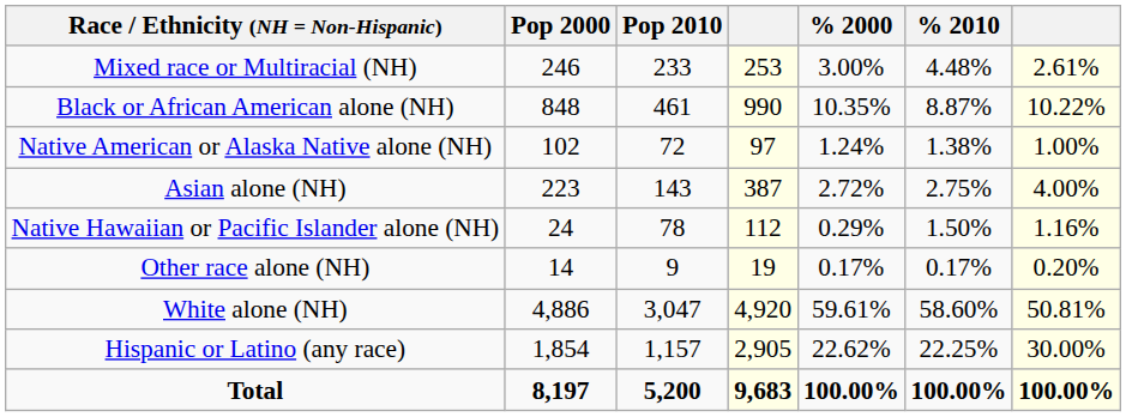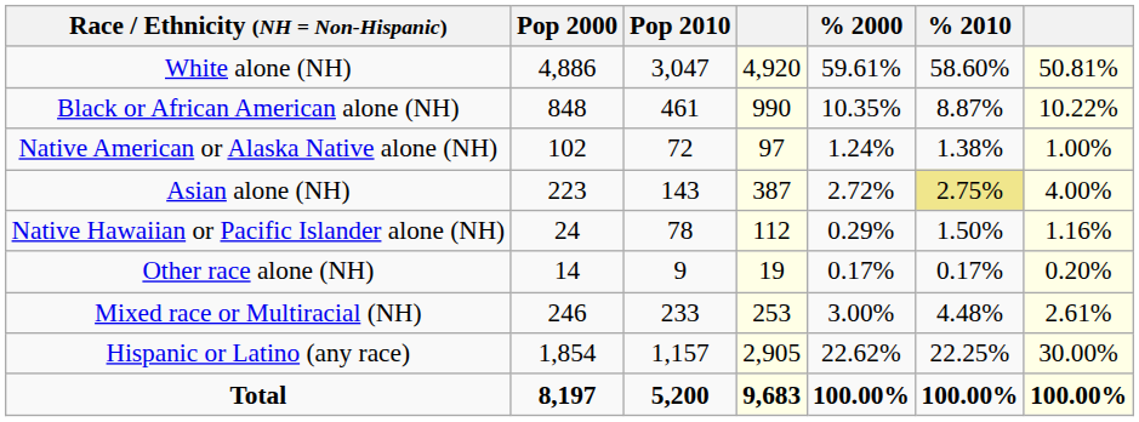 <table class="wikitable" style="text-align:center;">
 <tr>
 <th>Race / Ethnicity <small>(<em>NH = Non-Hispanic</em>)</small></th>
 <th>Pop 2000</th>
 <th>Pop 2010</th>
 <th></th>
 <th>% 2000</th>
 <th>% 2010</th>
 <th></th>
 </tr>
 <tr>
-<td><a href='#'>Mixed race or Multiracial</a> (NH)</td>
-<td>246</td>
-<td>233</td>
-<td style='background: #ffffe6;'>253</td>
-<td>3.00%</td>
-<td>4.48%</td>
-<td style='background: #ffffe6;'>2.61%</td>
+<td><a href='#'>White</a> alone (NH)</td>
+<td>4,886</td>
+<td>3,047</td>
+<td style='background: #ffffe6;'>4,920</td>
+<td>59.61%</td>
+<td>58.60%</td>
+<td style='background: #ffffe6;'>50.81%</td>
 </tr>
 <tr>
 <td><a href='#'>Black or African American</a> alone (NH)</td>
 <td>848</td>
 <td>461</td>
 <td style='background: #ffffe6;'>990</td>
 <td>10.35%</td>
 <td>8.87%</td>
 <td style='background: #ffffe6;'>10.22%</td>
 </tr>
 <tr>
 <td><a href='#'>Native American</a> or <a href='#'>Alaska Native</a> alone (NH)</td>
 <td>102</td>
 <td>72</td>
 <td style='background: #ffffe6;'>97</td>
 <td>1.24%</td>
 <td>1.38%</td>
 <td style='background: #ffffe6;'>1.00%</td>
 </tr>
 <tr>
 <td><a href='#'>Asian</a> alone (NH)</td>
 <td>223</td>
 <td>143</td>
 <td style='background: #ffffe6;'>387</td>
 <td>2.72%</td>
-<td>2.75%</td>
+<td style="background: khaki;">2.75%</td>
 <td style='background: #ffffe6;'>4.00%</td>
 </tr>
 <tr>
 <td><a href='#'>Native Hawaiian</a> or <a href='#'>Pacific Islander</a> alone (NH)</td>
 <td>24</td>
 <td>78</td>
 <td style='background: #ffffe6;'>112</td>
 <td>0.29%</td>
 <td>1.50%</td>
 <td style='background: #ffffe6;'>1.16%</td>
 </tr>
 <tr>
 <td><a href='#'>Other race</a> alone (NH)</td>
 <td>14</td>
 <td>9</td>
 <td style='background: #ffffe6;'>19</td>
 <td>0.17%</td>
 <td>0.17%</td>
 <td style='background: #ffffe6;'>0.20%</td>
 </tr>
 <tr>
-<td><a href='#'>White</a> alone (NH)</td>
-<td>4,886</td>
-<td>3,047</td>
-<td style='background: #ffffe6;'>4,920</td>
-<td>59.61%</td>
-<td>58.60%</td>
-<td style='background: #ffffe6;'>50.81%</td>
+<td><a href='#'>Mixed race or Multiracial</a> (NH)</td>
+<td>246</td>
+<td>233</td>
+<td style='background: #ffffe6;'>253</td>
+<td>3.00%</td>
+<td>4.48%</td>
+<td style='background: #ffffe6;'>2.61%</td>
 </tr>
 <tr>
 <td><a href='#'>Hispanic or Latino</a> (any race)</td>
 <td>1,854</td>
 <td>1,157</td>
 <td style='background: #ffffe6;'>2,905</td>
 <td>22.62%</td>
 <td>22.25%</td>
 <td style='background: #ffffe6;'>30.00%</td>
 </tr>
 <tr>
 <td><strong>Total</strong></td>
 <td><strong>8,197</strong></td>
 <td><strong>5,200</strong></td>
 <td style='background: #ffffe6;'><strong>9,683</strong></td>
 <td><strong>100.00%</strong></td>
 <td><strong>100.00%</strong></td>
 <td style='background: #ffffe6;'><strong>100.00%</strong></td>
 </tr>
 </table>
